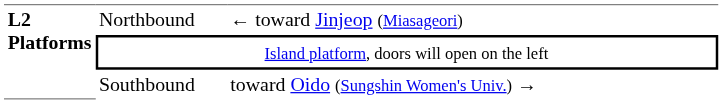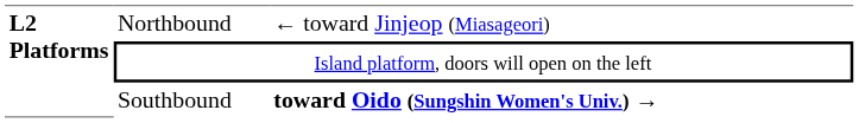 <table table border=0 cellspacing=0 cellpadding=3>
 <tr>
 <td style="border-top:solid 1px gray;border-bottom:solid 1px gray;" width=50 rowspan=10 valign=top><strong>L2<br>Platforms</strong></td>
 <td style="border-bottom:solid 0px gray;border-top:solid 1px gray;" width=100>Northbound</td>
 <td style="border-bottom:solid 0px gray;border-top:solid 1px gray;" width=390>←  toward <a href='#'>Jinjeop</a> <small>(<a href='#'>Miasageori</a>)</small></td>
 </tr>
 <tr>
 <td style="border-top:solid 2px black;border-right:solid 2px black;border-left:solid 2px black;border-bottom:solid 2px black;text-align:center;" colspan=2><small><a href='#'>Island platform</a>, doors will open on the left</small></td>
 </tr>
 <tr>
 <td>Southbound</td>
-<td>  toward <a href='#'>Oido</a> <small>(<a href='#'>Sungshin Women's Univ.</a>)</small> →</td>
+<td><strong>  toward <a href='#'>Oido</a> <small>(<a href='#'>Sungshin Women's Univ.</a>)</small> →</strong></td>
 </tr>
 </table>
